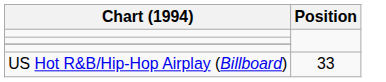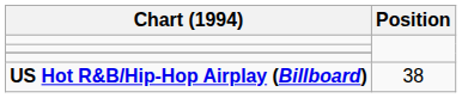 <table class="wikitable sortable">
 <tr>
 <th>Chart (1994)</th>
 <th>Position</th>
 </tr>
 <tr>
 <td></td>
 </tr>
 <tr>
 <td></td>
 </tr>
 <tr>
 </tr>
 <tr>
 <td></td>
 </tr>
 <tr>
-<td>US <a href='#'>Hot R&B/Hip-Hop Airplay</a> (<em><a href='#'>Billboard</a></em>)</td>
-<td style="text-align:center;">33</td>
+<td><strong>US <a href='#'>Hot R&B/Hip-Hop Airplay</a> (<em><a href='#'>Billboard</a></em>)</strong></td>
+<td style="text-align:center;">38</td>
 </tr>
 </table>
